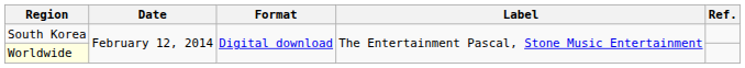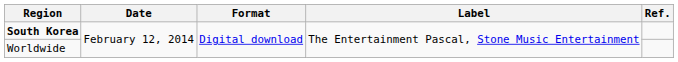 <table class="wikitable">
 <tr>
 <th>Region</th>
 <th>Date</th>
 <th>Format</th>
 <th>Label</th>
 <th>Ref.</th>
 </tr>
 <tr>
-<td>South Korea</td>
+<td><strong>South Korea</strong></td>
 <td rowspan="2">February 12, 2014</td>
 <td rowspan="2"><a href='#'>Digital download</a></td>
 <td rowspan="2">The Entertainment Pascal, <a href='#'>Stone Music Entertainment</a></td>
 <td align="center"></td>
 </tr>
 <tr>
-<td style="background: lightyellow;">Worldwide</td>
+<td>Worldwide</td>
 <td align="center"></td>
 </tr>
 </table>
